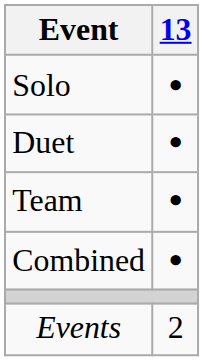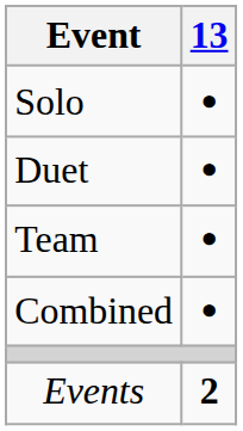 <table class="wikitable" style="text-align:center">
 <tr>
 <th>Event</th>
 <th><a href='#'>13</a></th>
 </tr>
 <tr>
 <td align=left>Solo</td>
 <td><big><strong>•</strong></big></td>
 </tr>
 <tr>
 <td align=left>Duet</td>
 <td><big><strong>•</strong></big></td>
 </tr>
 <tr>
 <td align=left>Team</td>
 <td><big><strong>•</strong></big></td>
 </tr>
 <tr>
 <td align=left>Combined</td>
 <td><big><strong>•</strong></big></td>
 </tr>
 <tr bgcolor=lightgray>
 <td colspan=6></td>
 </tr>
 <tr>
 <td><em>Events</em></td>
-<td>2</td>
+<td><strong>2</strong></td>
 </tr>
 </table>
